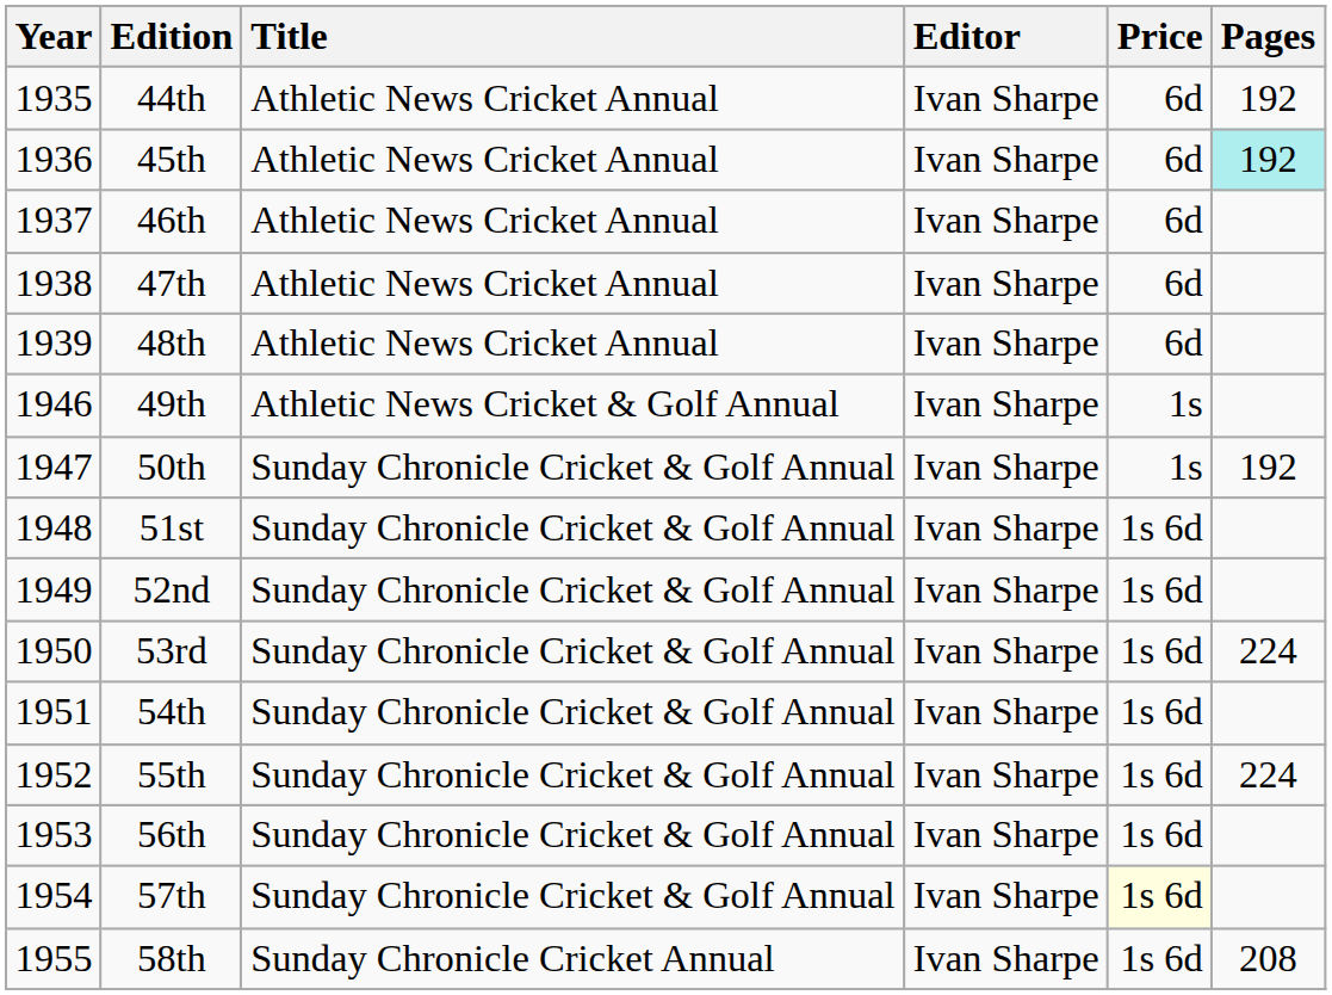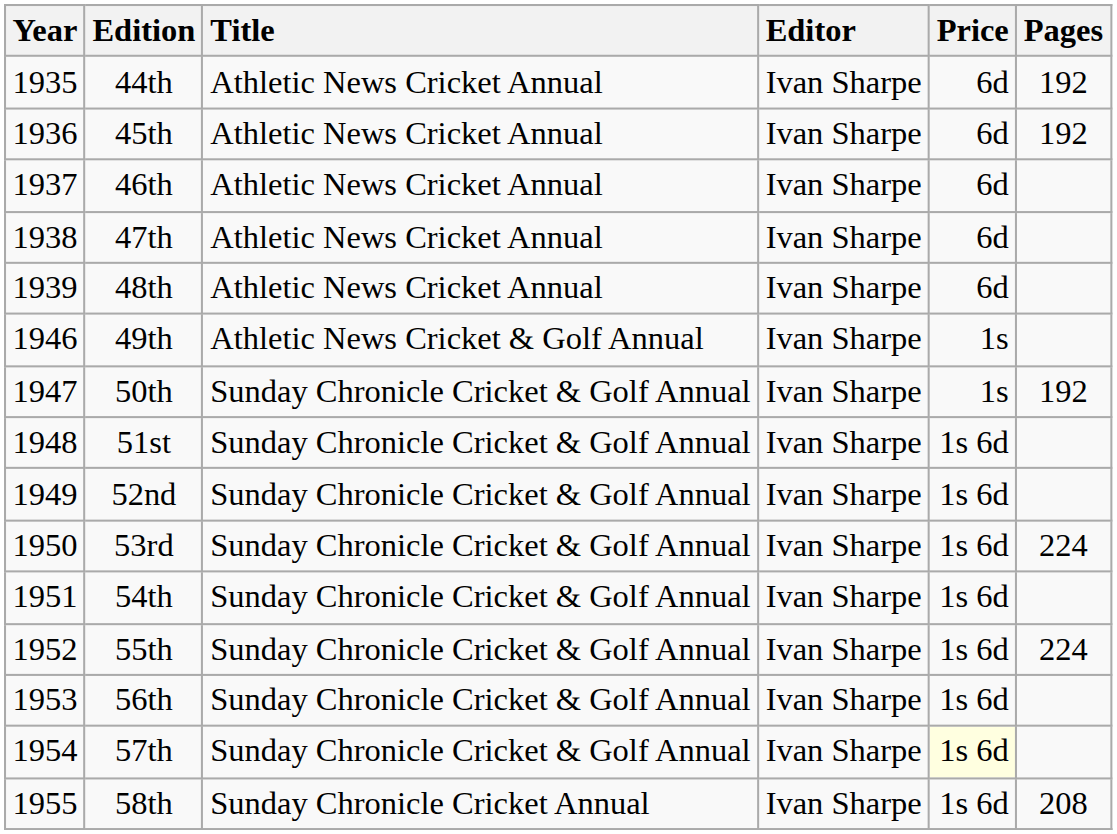 <table class="wikitable">
 <tr>
 <th>Year</th>
 <th>Edition</th>
 <th style="text-align:left;">Title</th>
 <th style="text-align:left;">Editor</th>
 <th>Price</th>
 <th>Pages</th>
 </tr>
 <tr>
 <td>1935</td>
 <td style="text-align:center;">44th</td>
 <td>Athletic News Cricket Annual</td>
 <td>Ivan Sharpe</td>
 <td style="text-align:right;">6d</td>
 <td style="text-align:center;">192</td>
 </tr>
 <tr>
 <td>1936</td>
 <td style="text-align:center;">45th</td>
 <td>Athletic News Cricket Annual</td>
 <td>Ivan Sharpe</td>
 <td style="text-align:right;">6d</td>
-<td style="background: paleturquoise; text-align:center;">192</td>
+<td style="text-align:center;">192</td>
 </tr>
 <tr>
 <td>1937</td>
 <td style="text-align:center;">46th</td>
 <td>Athletic News Cricket Annual</td>
 <td>Ivan Sharpe</td>
 <td style="text-align:right;">6d</td>
 <td style="text-align:center;"></td>
 </tr>
 <tr>
 <td>1938</td>
 <td style="text-align:center;">47th</td>
 <td>Athletic News Cricket Annual</td>
 <td>Ivan Sharpe</td>
 <td style="text-align:right;">6d</td>
 <td style="text-align:center;"></td>
 </tr>
 <tr>
 <td>1939</td>
 <td style="text-align:center;">48th</td>
 <td>Athletic News Cricket Annual</td>
 <td>Ivan Sharpe</td>
 <td style="text-align:right;">6d</td>
 <td style="text-align:center;"></td>
 </tr>
 <tr>
 <td>1946</td>
 <td style="text-align:center;">49th</td>
 <td>Athletic News Cricket & Golf Annual</td>
 <td>Ivan Sharpe</td>
 <td style="text-align:right;">1s</td>
 <td style="text-align:center;"></td>
 </tr>
 <tr>
 <td>1947</td>
 <td style="text-align:center;">50th</td>
 <td>Sunday Chronicle Cricket & Golf Annual</td>
 <td>Ivan Sharpe</td>
 <td style="text-align:right;">1s</td>
 <td style="text-align:center;">192</td>
 </tr>
 <tr>
 <td>1948</td>
 <td style="text-align:center;">51st</td>
 <td>Sunday Chronicle Cricket & Golf Annual</td>
 <td>Ivan Sharpe</td>
 <td style="text-align:right;">1s 6d</td>
 <td style="text-align:center;"></td>
 </tr>
 <tr>
 <td>1949</td>
 <td style="text-align:center;">52nd</td>
 <td>Sunday Chronicle Cricket & Golf Annual</td>
 <td>Ivan Sharpe</td>
 <td style="text-align:right;">1s 6d</td>
 <td style="text-align:center;"></td>
 </tr>
 <tr>
 <td>1950</td>
 <td style="text-align:center;">53rd</td>
 <td>Sunday Chronicle Cricket & Golf Annual</td>
 <td>Ivan Sharpe</td>
 <td style="text-align:right;">1s 6d</td>
 <td style="text-align:center;">224</td>
 </tr>
 <tr>
 <td>1951</td>
 <td style="text-align:center;">54th</td>
 <td>Sunday Chronicle Cricket & Golf Annual</td>
 <td>Ivan Sharpe</td>
 <td style="text-align:right;">1s 6d</td>
 <td style="text-align:center;"></td>
 </tr>
 <tr>
 <td>1952</td>
 <td style="text-align:center;">55th</td>
 <td>Sunday Chronicle Cricket & Golf Annual</td>
 <td>Ivan Sharpe</td>
 <td style="text-align:right;">1s 6d</td>
 <td style="text-align:center;">224</td>
 </tr>
 <tr>
 <td>1953</td>
 <td style="text-align:center;">56th</td>
 <td>Sunday Chronicle Cricket & Golf Annual</td>
 <td>Ivan Sharpe</td>
 <td style="text-align:right;">1s 6d</td>
 <td style="text-align:center;"></td>
 </tr>
 <tr>
 <td>1954</td>
 <td style="text-align:center;">57th</td>
 <td>Sunday Chronicle Cricket & Golf Annual</td>
 <td>Ivan Sharpe</td>
 <td style="background: lightyellow; text-align:right;">1s 6d</td>
 <td style="text-align:center;"></td>
 </tr>
 <tr>
 <td>1955</td>
 <td style="text-align:center;">58th</td>
 <td>Sunday Chronicle Cricket Annual</td>
 <td>Ivan Sharpe</td>
 <td style="text-align:right;">1s 6d</td>
 <td style="text-align:center;">208</td>
 </tr>
 <tr>
 </tr>
 </table>
